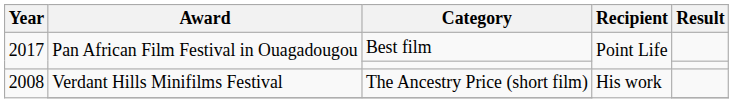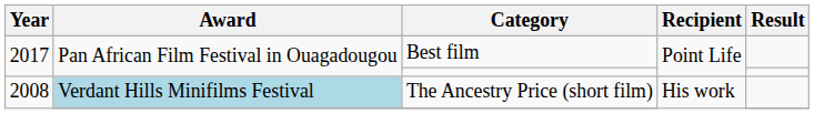 <table class="wikitable plainrowheaders sortable">
 <tr>
 <th>Year</th>
 <th>Award</th>
 <th>Category</th>
 <th>Recipient</th>
 <th>Result</th>
 </tr>
 <tr>
 <td rowspan=2>2017</td>
 <td rowspan=2>Pan African Film Festival in Ouagadougou</td>
 <td>Best film</td>
 <td rowspan=2>Point Life</td>
 <td></td>
 </tr>
 <tr>
 <td></td>
 <td></td>
 </tr>
 <tr>
 <td rowspan="4">2008</td>
-<td>Verdant Hills Minifilms Festival</td>
+<td style="background: lightblue;">Verdant Hills Minifilms Festival</td>
 <td>The Ancestry Price (short film)</td>
 <td rowspan=8>His work</td>
 <td></td>
 </tr>
 <tr>
 </tr>
 </table>
